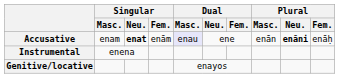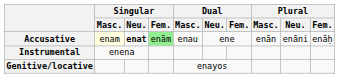 <table class="wikitable" style="text-align:center" |>
 <tr>
 <th rowspan="2"></th>
 <th colspan="3">Singular</th>
 <th colspan="3">Dual</th>
 <th colspan="3">Plural</th>
 </tr>
 <tr>
 <th>Masc.</th>
 <th>Neu.</th>
 <th>Fem.</th>
 <th>Masc.</th>
 <th>Neu.</th>
 <th>Fem.</th>
 <th>Masc.</th>
 <th>Neu.</th>
 <th>Fem.</th>
 </tr>
 <tr>
 <th>Accusative</th>
-<td>enam</td>
+<td style="background: lightyellow;">enam</td>
 <td><strong>enat</strong></td>
-<td>enām</td>
-<td style="background: lavender;">enau</td>
+<td style="background: lightgreen;">enām</td>
+<td>enau</td>
 <td colspan="2">ene</td>
 <td>enān</td>
-<td><strong>enāni</strong></td>
+<td>enāni</td>
 <td>enāḥ</td>
 </tr>
 <tr>
 <th>Instrumental</th>
 <td colspan="2">enena</td>
 <td></td>
 <td></td>
 <td></td>
 <td></td>
 <td></td>
 <td></td>
 <td></td>
 </tr>
 <tr>
 <th>Genitive/locative</th>
 <td></td>
 <td></td>
 <td></td>
 <td colspan="3">enayos</td>
 <td></td>
 <td></td>
 <td></td>
 </tr>
 </table>
